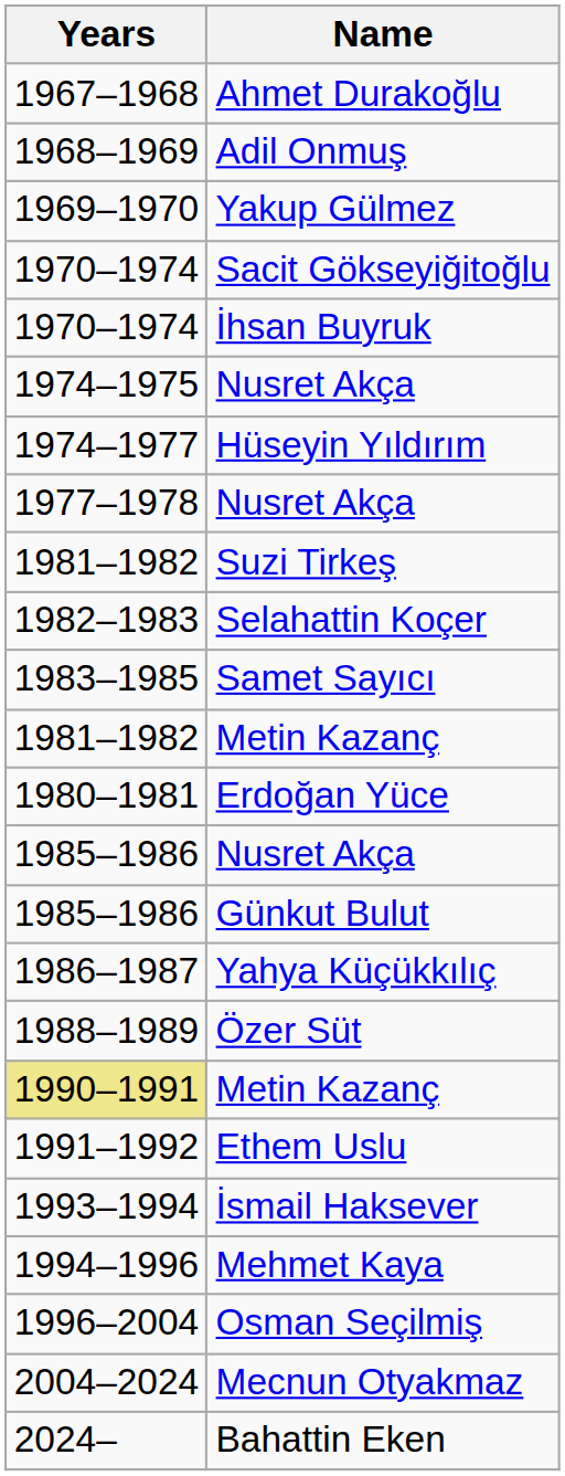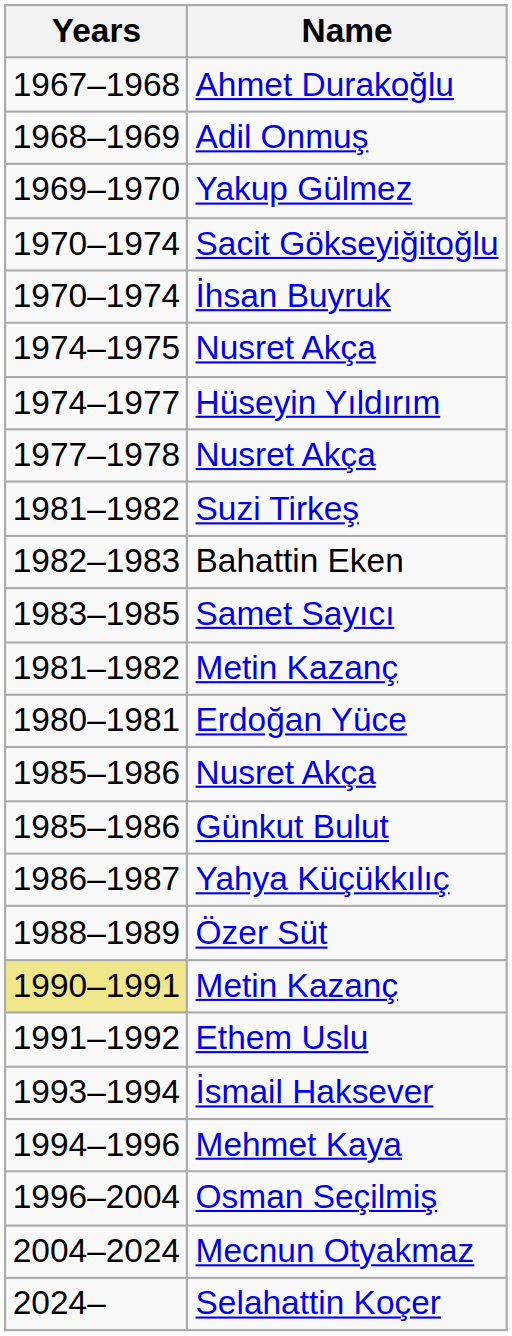 <table class="wikitable" style="text-align:left;">
 <tr>
 <th>Years</th>
 <th>Name</th>
 </tr>
 <tr>
 <td>1967–1968</td>
 <td> <a href='#'>Ahmet Durakoğlu</a></td>
 </tr>
 <tr>
 <td>1968–1969</td>
 <td> <a href='#'>Adil Onmuş</a></td>
 </tr>
 <tr>
 <td>1969–1970</td>
 <td> <a href='#'>Yakup Gülmez</a></td>
 </tr>
 <tr>
 <td>1970–1974</td>
 <td> <a href='#'>Sacit Gökseyiğitoğlu</a></td>
 </tr>
 <tr>
 <td>1970–1974</td>
 <td> <a href='#'>İhsan Buyruk</a></td>
 </tr>
 <tr>
 <td>1974–1975</td>
 <td> <a href='#'>Nusret Akça</a></td>
 </tr>
 <tr>
 <td>1974–1977</td>
 <td> <a href='#'>Hüseyin Yıldırım</a></td>
 </tr>
 <tr>
 <td>1977–1978</td>
 <td> <a href='#'>Nusret Akça</a></td>
 </tr>
 <tr>
 <td>1981–1982</td>
 <td> <a href='#'>Suzi Tirkeş</a></td>
 </tr>
 <tr>
 <td>1982–1983</td>
-<td> <a href='#'>Selahattin Koçer</a></td>
+<td> Bahattin Eken</td>
 </tr>
 <tr>
 <td>1983–1985</td>
 <td> <a href='#'>Samet Sayıcı</a></td>
 </tr>
 <tr>
 <td>1981–1982</td>
 <td> <a href='#'>Metin Kazanç</a></td>
 </tr>
 <tr>
 <td>1980–1981</td>
 <td> <a href='#'>Erdoğan Yüce</a></td>
 </tr>
 <tr>
 <td>1985–1986</td>
 <td> <a href='#'>Nusret Akça</a></td>
 </tr>
 <tr>
 <td>1985–1986</td>
 <td> <a href='#'>Günkut Bulut</a></td>
 </tr>
 <tr>
 <td>1986–1987</td>
 <td> <a href='#'>Yahya Küçükkılıç</a></td>
 </tr>
 <tr>
 <td>1988–1989</td>
 <td> <a href='#'>Özer Süt</a></td>
 </tr>
 <tr>
 <td style="background: khaki;">1990–1991</td>
 <td> <a href='#'>Metin Kazanç</a></td>
 </tr>
 <tr>
 <td>1991–1992</td>
 <td> <a href='#'>Ethem Uslu</a></td>
 </tr>
 <tr>
 <td>1993–1994</td>
 <td> <a href='#'>İsmail Haksever</a></td>
 </tr>
 <tr>
 <td>1994–1996</td>
 <td> <a href='#'>Mehmet Kaya</a></td>
 </tr>
 <tr>
 <td>1996–2004</td>
 <td> <a href='#'>Osman Seçilmiş</a></td>
 </tr>
 <tr>
 <td>2004–2024</td>
 <td> <a href='#'>Mecnun Otyakmaz</a></td>
 </tr>
 <tr>
 <td>2024–</td>
-<td> Bahattin Eken</td>
+<td> <a href='#'>Selahattin Koçer</a></td>
 </tr>
 </table>
